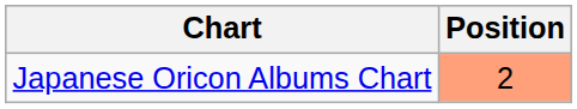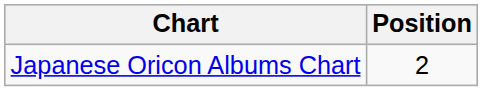 <table class="wikitable sortable" style="text-align:center;">
 <tr>
 <th>Chart</th>
 <th>Position</th>
 </tr>
 <tr>
 <td align="left"><a href='#'>Japanese Oricon Albums Chart</a></td>
-<td style="background: lightsalmon;">2</td>
+<td>2</td>
 </tr>
 </table>
